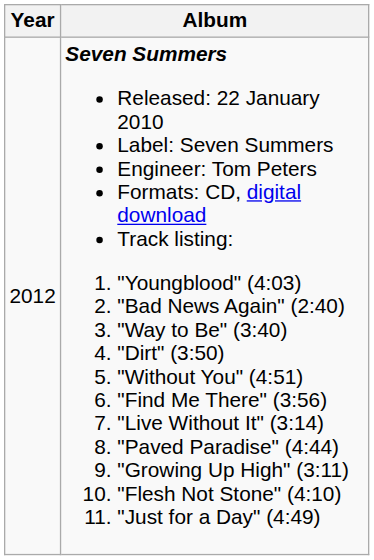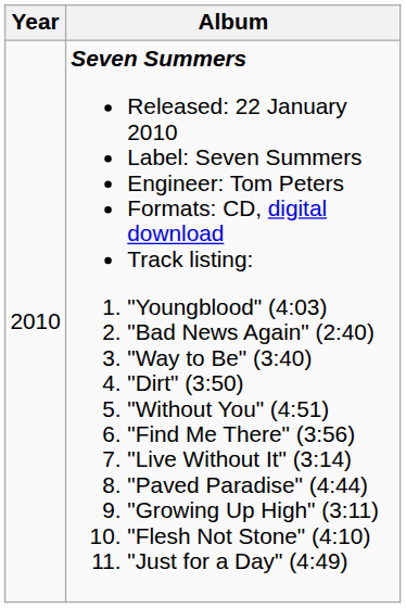 <table class="wikitable" style="text-align:center;">
 <tr>
 <th>Year</th>
 <th style="width:230px;">Album</th>
 </tr>
 <tr>
-<td>2012</td>
+<td>2010</td>
 <td align="left"><strong><em>Seven Summers</em></strong><br><ul><li>Released: 22 January 2010</li><li>Label: Seven Summers</li><li>Engineer: Tom Peters</li><li>Formats: CD, <a href='#'>digital download</a></li><li>Track listing:</li></ul><ol><li>"Youngblood" (4:03)</li><li>"Bad News Again" (2:40)</li><li>"Way to Be" (3:40)</li><li>"Dirt" (3:50)</li><li>"Without You" (4:51)</li><li>"Find Me There" (3:56)</li><li>"Live Without It" (3:14)</li><li>"Paved Paradise" (4:44)</li><li>"Growing Up High" (3:11)</li><li>"Flesh Not Stone" (4:10)</li><li>"Just for a Day" (4:49)</li></ol></td>
 </tr>
 </table>
